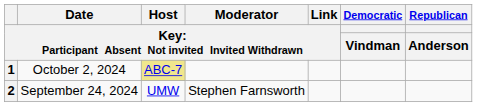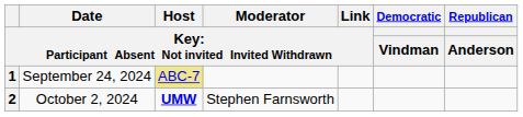 <table class="wikitable" style="text-align:center;">
 <tr>
 <th scope="col"></th>
 <th scope="col">Date</th>
 <th scope="col">Host</th>
 <th scope="col">Moderator</th>
 <th scope="col">Link</th>
 <th scope="col"><small><a href='#'>Democratic</a></small></th>
 <th scope="col"><small><a href='#'>Republican</a></small></th>
 </tr>
 <tr>
 <th colspan="5" rowspan="2">Key:<br> <small>Participant </small>  <small>Absent </small>  <small>Not invited </small>  <small>Invited  Withdrawn</small></th>
 <th scope="col" style="background:"></th>
 <th scope="col" style="background:"></th>
 </tr>
 <tr>
 <th scope="col">Vindman</th>
 <th scope="col">Anderson</th>
 </tr>
 <tr>
 <th>1</th>
-<td style="white-space:nowrap;">October 2, 2024</td>
+<td style="white-space:nowrap;">September 24, 2024</td>
 <td style="background: khaki; white-space:nowrap;"><a href='#'>ABC-7</a></td>
 <td style="white-space:nowrap;"></td>
 <td style="white-space:nowrap;"></td>
 <td></td>
 <td></td>
 </tr>
 <tr>
 <th>2</th>
-<td style="white-space:nowrap;">September 24, 2024</td>
-<td style="white-space:nowrap;"><a href='#'>UMW</a></td>
+<td style="white-space:nowrap;">October 2, 2024</td>
+<td style="white-space:nowrap;"><strong><a href='#'>UMW</a></strong></td>
 <td style="white-space:nowrap;">Stephen Farnsworth</td>
 <td style="white-space:nowrap;"></td>
 <td></td>
 <td></td>
 </tr>
 </table>
